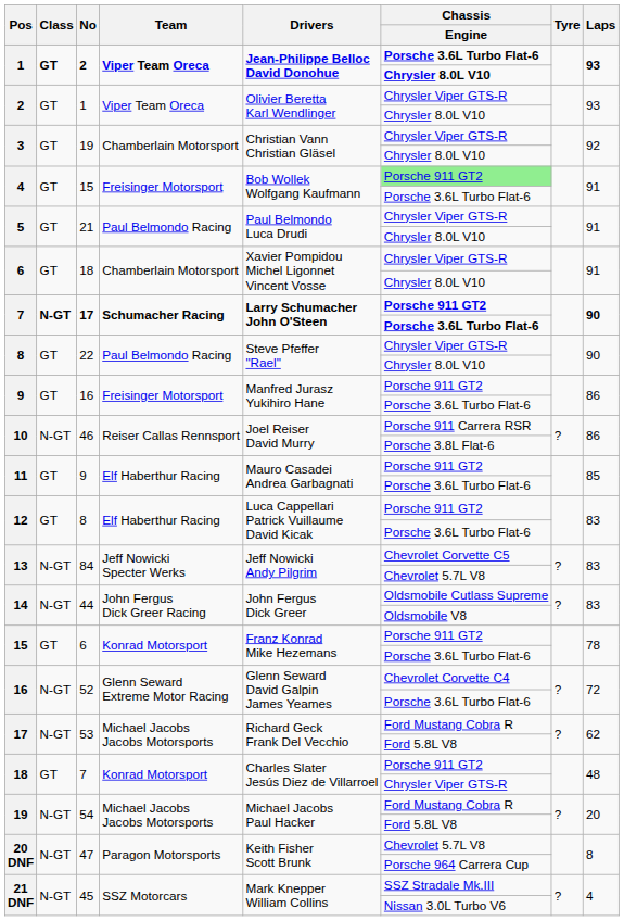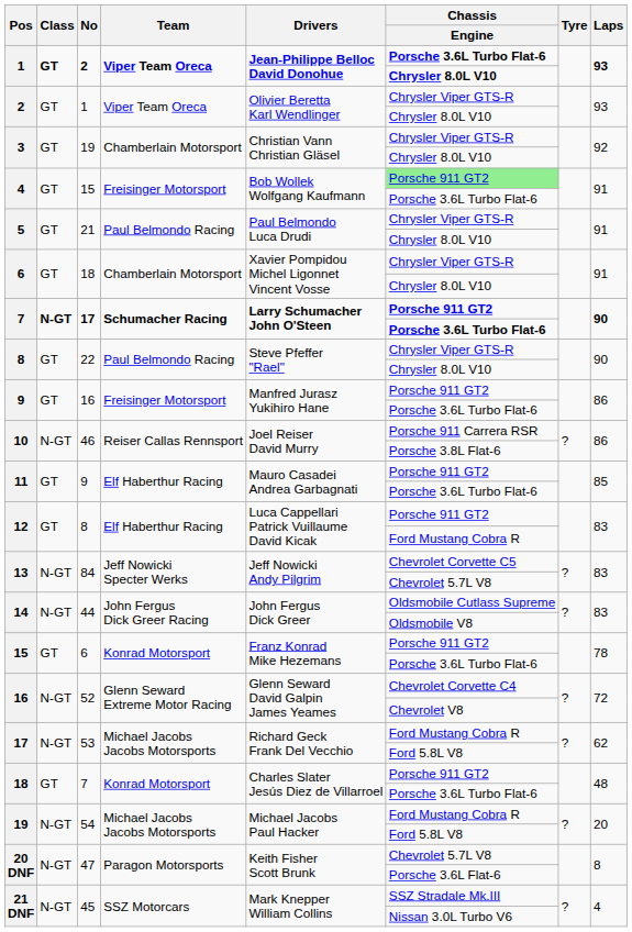 <table class="wikitable" style="font-size: 95%;">
 <tr>
 <th rowspan=2>Pos</th>
 <th rowspan=2>Class</th>
 <th rowspan=2>No</th>
 <th rowspan=2>Team</th>
 <th rowspan=2>Drivers</th>
 <th>Chassis</th>
 <th rowspan=2>Tyre</th>
 <th rowspan=2>Laps</th>
 </tr>
 <tr>
 <th>Engine</th>
 </tr>
 <tr style="font-weight:bold">
 <th rowspan=2>1</th>
 <td rowspan=2>GT</td>
 <td rowspan=2>2</td>
 <td rowspan=2> <a href='#'>Viper</a> Team <a href='#'>Oreca</a></td>
 <td rowspan=2> <a href='#'>Jean-Philippe Belloc</a><br> <a href='#'>David Donohue</a></td>
 <td><a href='#'>Porsche</a> 3.6L Turbo Flat-6</td>
 <td rowspan=2></td>
 <td rowspan=2>93</td>
 </tr>
 <tr style="font-weight:bold">
 <td><a href='#'>Chrysler</a> 8.0L V10</td>
 </tr>
 <tr>
 <th rowspan=2>2</th>
 <td rowspan=2>GT</td>
 <td rowspan=2>1</td>
 <td rowspan=2> <a href='#'>Viper</a> Team <a href='#'>Oreca</a></td>
 <td rowspan=2> <a href='#'>Olivier Beretta</a><br> <a href='#'>Karl Wendlinger</a></td>
 <td><a href='#'>Chrysler Viper GTS-R</a></td>
 <td rowspan=2></td>
 <td rowspan=2>93</td>
 </tr>
 <tr>
 <td><a href='#'>Chrysler</a> 8.0L V10</td>
 </tr>
 <tr>
 <th rowspan=2>3</th>
 <td rowspan=2>GT</td>
 <td rowspan=2>19</td>
 <td rowspan=2> Chamberlain Motorsport</td>
 <td rowspan=2> Christian Vann<br> Christian Gläsel</td>
 <td><a href='#'>Chrysler Viper GTS-R</a></td>
 <td rowspan=2></td>
 <td rowspan=2>92</td>
 </tr>
 <tr>
 <td><a href='#'>Chrysler</a> 8.0L V10</td>
 </tr>
 <tr>
 <th rowspan=2>4</th>
 <td rowspan=2>GT</td>
 <td rowspan=2>15</td>
 <td rowspan=2> <a href='#'>Freisinger Motorsport</a></td>
 <td rowspan=2> <a href='#'>Bob Wollek</a><br> Wolfgang Kaufmann</td>
 <td style="background: lightgreen;"><a href='#'>Porsche 911 GT2</a></td>
 <td rowspan=2></td>
 <td rowspan=2>91</td>
 </tr>
 <tr>
 <td><a href='#'>Porsche</a> 3.6L Turbo Flat-6</td>
 </tr>
 <tr>
 <th rowspan=2>5</th>
 <td rowspan=2>GT</td>
 <td rowspan=2>21</td>
 <td rowspan=2> <a href='#'>Paul Belmondo</a> Racing</td>
 <td rowspan=2> <a href='#'>Paul Belmondo</a><br> Luca Drudi</td>
 <td><a href='#'>Chrysler Viper GTS-R</a></td>
 <td rowspan=2></td>
 <td rowspan=2>91</td>
 </tr>
 <tr>
 <td><a href='#'>Chrysler</a> 8.0L V10</td>
 </tr>
 <tr>
 <th rowspan=2>6</th>
 <td rowspan=2>GT</td>
 <td rowspan=2>18</td>
 <td rowspan=2> Chamberlain Motorsport</td>
 <td rowspan=2> Xavier Pompidou<br> Michel Ligonnet<br> Vincent Vosse</td>
 <td><a href='#'>Chrysler Viper GTS-R</a></td>
 <td rowspan=2></td>
 <td rowspan=2>91</td>
 </tr>
 <tr>
 <td><a href='#'>Chrysler</a> 8.0L V10</td>
 </tr>
 <tr style="font-weight:bold">
 <th rowspan=2>7</th>
 <td rowspan=2>N-GT</td>
 <td rowspan=2>17</td>
 <td rowspan=2> Schumacher Racing</td>
 <td rowspan=2> Larry Schumacher<br> John O'Steen</td>
 <td><a href='#'>Porsche 911 GT2</a></td>
 <td rowspan=2></td>
 <td rowspan=2>90</td>
 </tr>
 <tr style="font-weight:bold">
 <td><a href='#'>Porsche</a> 3.6L Turbo Flat-6</td>
 </tr>
 <tr>
 <th rowspan=2>8</th>
 <td rowspan=2>GT</td>
 <td rowspan=2>22</td>
 <td rowspan=2> <a href='#'>Paul Belmondo</a> Racing</td>
 <td rowspan=2> Steve Pfeffer<br> <a href='#'>"Rael"</a></td>
 <td><a href='#'>Chrysler Viper GTS-R</a></td>
 <td rowspan=2></td>
 <td rowspan=2>90</td>
 </tr>
 <tr>
 <td><a href='#'>Chrysler</a> 8.0L V10</td>
 </tr>
 <tr>
 <th rowspan=2>9</th>
 <td rowspan=2>GT</td>
 <td rowspan=2>16</td>
 <td rowspan=2> <a href='#'>Freisinger Motorsport</a></td>
 <td rowspan=2> Manfred Jurasz<br> Yukihiro Hane</td>
 <td><a href='#'>Porsche 911 GT2</a></td>
 <td rowspan=2></td>
 <td rowspan=2>86</td>
 </tr>
 <tr>
 <td><a href='#'>Porsche</a> 3.6L Turbo Flat-6</td>
 </tr>
 <tr>
 <th rowspan=2>10</th>
 <td rowspan=2>N-GT</td>
 <td rowspan=2>46</td>
 <td rowspan=2> Reiser Callas Rennsport</td>
 <td rowspan=2> Joel Reiser<br> David Murry</td>
 <td><a href='#'>Porsche 911</a> Carrera RSR</td>
 <td rowspan=2>?</td>
 <td rowspan=2>86</td>
 </tr>
 <tr>
 <td><a href='#'>Porsche</a> 3.8L Flat-6</td>
 </tr>
 <tr>
 <th rowspan=2>11</th>
 <td rowspan=2>GT</td>
 <td rowspan=2>9</td>
 <td rowspan=2> <a href='#'>Elf</a> Haberthur Racing</td>
 <td rowspan=2> Mauro Casadei<br> Andrea Garbagnati</td>
 <td><a href='#'>Porsche 911 GT2</a></td>
 <td rowspan=2></td>
 <td rowspan=2>85</td>
 </tr>
 <tr>
 <td><a href='#'>Porsche</a> 3.6L Turbo Flat-6</td>
 </tr>
 <tr>
 <th rowspan=2>12</th>
 <td rowspan=2>GT</td>
 <td rowspan=2>8</td>
 <td rowspan=2> <a href='#'>Elf</a> Haberthur Racing</td>
 <td rowspan=2> Luca Cappellari<br> Patrick Vuillaume<br> David Kicak</td>
 <td><a href='#'>Porsche 911 GT2</a></td>
 <td rowspan=2></td>
 <td rowspan=2>83</td>
 </tr>
 <tr>
-<td><a href='#'>Porsche</a> 3.6L Turbo Flat-6</td>
+<td><a href='#'>Ford Mustang Cobra</a> R</td>
 </tr>
 <tr>
 <th rowspan=2>13</th>
 <td rowspan=2>N-GT</td>
 <td rowspan=2>84</td>
 <td rowspan=2> Jeff Nowicki<br> Specter Werks</td>
 <td rowspan=2> Jeff Nowicki<br> <a href='#'>Andy Pilgrim</a></td>
 <td><a href='#'>Chevrolet Corvette C5</a></td>
 <td rowspan=2>?</td>
 <td rowspan=2>83</td>
 </tr>
 <tr>
 <td><a href='#'>Chevrolet</a> 5.7L V8</td>
 </tr>
 <tr>
 <th rowspan=2>14</th>
 <td rowspan=2>N-GT</td>
 <td rowspan=2>44</td>
 <td rowspan=2> John Fergus<br> Dick Greer Racing</td>
 <td rowspan=2> John Fergus<br> Dick Greer</td>
 <td><a href='#'>Oldsmobile Cutlass Supreme</a></td>
 <td rowspan=2>?</td>
 <td rowspan=2>83</td>
 </tr>
 <tr>
 <td><a href='#'>Oldsmobile</a> V8</td>
 </tr>
 <tr>
 <th rowspan=2>15</th>
 <td rowspan=2>GT</td>
 <td rowspan=2>6</td>
 <td rowspan=2> <a href='#'>Konrad Motorsport</a></td>
 <td rowspan=2> <a href='#'>Franz Konrad</a><br> Mike Hezemans</td>
 <td><a href='#'>Porsche 911 GT2</a></td>
 <td rowspan=2></td>
 <td rowspan=2>78</td>
 </tr>
 <tr>
 <td><a href='#'>Porsche</a> 3.6L Turbo Flat-6</td>
 </tr>
 <tr>
 <th rowspan=2>16</th>
 <td rowspan=2>N-GT</td>
 <td rowspan=2>52</td>
 <td rowspan=2> Glenn Seward<br> Extreme Motor Racing</td>
 <td rowspan=2> Glenn Seward<br> David Galpin<br> James Yeames</td>
 <td><a href='#'>Chevrolet Corvette C4</a></td>
 <td rowspan=2>?</td>
 <td rowspan=2>72</td>
 </tr>
 <tr>
-<td><a href='#'>Porsche</a> 3.6L Turbo Flat-6</td>
+<td><a href='#'>Chevrolet</a> V8</td>
 </tr>
 <tr>
 <th rowspan=2>17</th>
 <td rowspan=2>N-GT</td>
 <td rowspan=2>53</td>
 <td rowspan=2> Michael Jacobs<br> Jacobs Motorsports</td>
 <td rowspan=2> Richard Geck<br> Frank Del Vecchio</td>
 <td><a href='#'>Ford Mustang Cobra</a> R</td>
 <td rowspan=2>?</td>
 <td rowspan=2>62</td>
 </tr>
 <tr>
 <td><a href='#'>Ford</a> 5.8L V8</td>
 </tr>
 <tr>
 <th rowspan=2>18</th>
 <td rowspan=2>GT</td>
 <td rowspan=2>7</td>
 <td rowspan=2> <a href='#'>Konrad Motorsport</a></td>
 <td rowspan=2> Charles Slater<br> Jesús Diez de Villarroel</td>
 <td><a href='#'>Porsche 911 GT2</a></td>
 <td rowspan=2></td>
 <td rowspan=2>48</td>
 </tr>
 <tr>
-<td><a href='#'>Chrysler Viper GTS-R</a></td>
+<td><a href='#'>Porsche</a> 3.6L Turbo Flat-6</td>
 </tr>
 <tr>
 <th rowspan=2>19</th>
 <td rowspan=2>N-GT</td>
 <td rowspan=2>54</td>
 <td rowspan=2> Michael Jacobs<br> Jacobs Motorsports</td>
 <td rowspan=2> Michael Jacobs<br> Paul Hacker</td>
 <td><a href='#'>Ford Mustang Cobra</a> R</td>
 <td rowspan=2>?</td>
 <td rowspan=2>20</td>
 </tr>
 <tr>
 <td><a href='#'>Ford</a> 5.8L V8</td>
 </tr>
 <tr>
 <th rowspan=2>20<br>DNF</th>
 <td rowspan=2>N-GT</td>
 <td rowspan=2>47</td>
 <td rowspan=2> Paragon Motorsports</td>
 <td rowspan=2> Keith Fisher<br> Scott Brunk</td>
 <td><a href='#'>Chevrolet</a> 5.7L V8</td>
 <td rowspan=2></td>
 <td rowspan=2>8</td>
 </tr>
 <tr>
-<td><a href='#'>Porsche 964</a> Carrera Cup</td>
+<td><a href='#'>Porsche</a> 3.6L Flat-6</td>
 </tr>
 <tr>
 <th rowspan=2>21<br>DNF</th>
 <td rowspan=2>N-GT</td>
 <td rowspan=2>45</td>
 <td rowspan=2> SSZ Motorcars</td>
 <td rowspan=2> Mark Knepper<br> William Collins</td>
 <td><a href='#'>SSZ Stradale Mk.III</a></td>
 <td rowspan=2>?</td>
 <td rowspan=2>4</td>
 </tr>
 <tr>
 <td><a href='#'>Nissan</a> 3.0L Turbo V6</td>
 </tr>
 </table>
